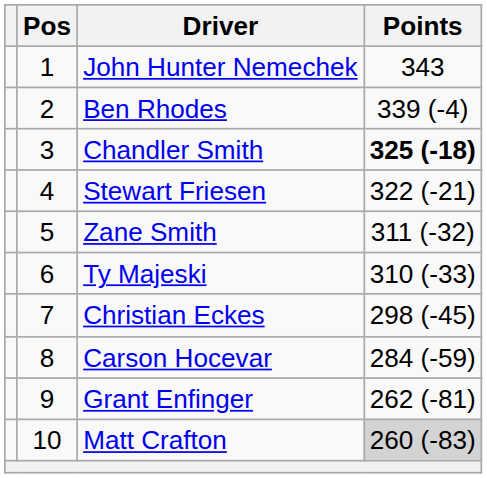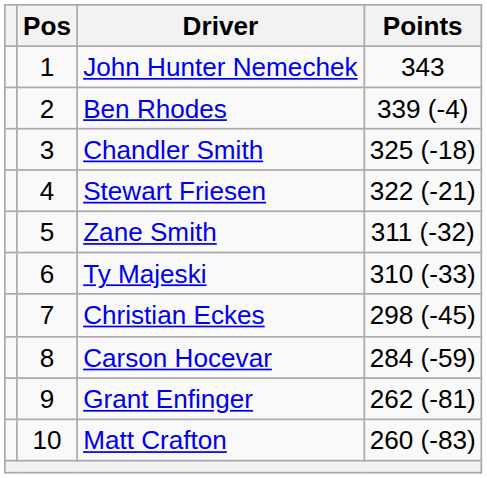 <table class="wikitable" style="font-size: 95%;">
 <tr>
 <th></th>
 <th>Pos</th>
 <th>Driver</th>
 <th>Points</th>
 </tr>
 <tr>
 <td align="left"></td>
 <td style="text-align:center;">1</td>
 <td><a href='#'>John Hunter Nemechek</a></td>
 <td style="text-align:center;">343</td>
 </tr>
 <tr>
 <td align="left"></td>
 <td style="text-align:center;">2</td>
 <td><a href='#'>Ben Rhodes</a></td>
 <td style="text-align:center;">339 (-4)</td>
 </tr>
 <tr>
 <td align="left"></td>
 <td style="text-align:center;">3</td>
 <td><a href='#'>Chandler Smith</a></td>
-<td style="text-align:center;"><strong>325 (-18)</strong></td>
+<td style="text-align:center;">325 (-18)</td>
 </tr>
 <tr>
 <td align="left"></td>
 <td style="text-align:center;">4</td>
 <td><a href='#'>Stewart Friesen</a></td>
 <td style="text-align:center;">322 (-21)</td>
 </tr>
 <tr>
 <td align="left"></td>
 <td style="text-align:center;">5</td>
 <td><a href='#'>Zane Smith</a></td>
 <td style="text-align:center;">311 (-32)</td>
 </tr>
 <tr>
 <td align="left"></td>
 <td style="text-align:center;">6</td>
 <td><a href='#'>Ty Majeski</a></td>
 <td style="text-align:center;">310 (-33)</td>
 </tr>
 <tr>
 <td align="left"></td>
 <td style="text-align:center;">7</td>
 <td><a href='#'>Christian Eckes</a></td>
 <td style="text-align:center;">298 (-45)</td>
 </tr>
 <tr>
 <td align="left"></td>
 <td style="text-align:center;">8</td>
 <td><a href='#'>Carson Hocevar</a></td>
 <td style="text-align:center;">284 (-59)</td>
 </tr>
 <tr>
 <td align="left"></td>
 <td style="text-align:center;">9</td>
 <td><a href='#'>Grant Enfinger</a></td>
 <td style="text-align:center;">262 (-81)</td>
 </tr>
 <tr>
 <td align="left"></td>
 <td style="text-align:center;">10</td>
 <td><a href='#'>Matt Crafton</a></td>
-<td style="background: lightgrey; text-align:center;">260 (-83)</td>
+<td style="text-align:center;">260 (-83)</td>
 </tr>
 <tr class="sortbottom">
 <th colspan="9"></th>
 </tr>
 </table>
